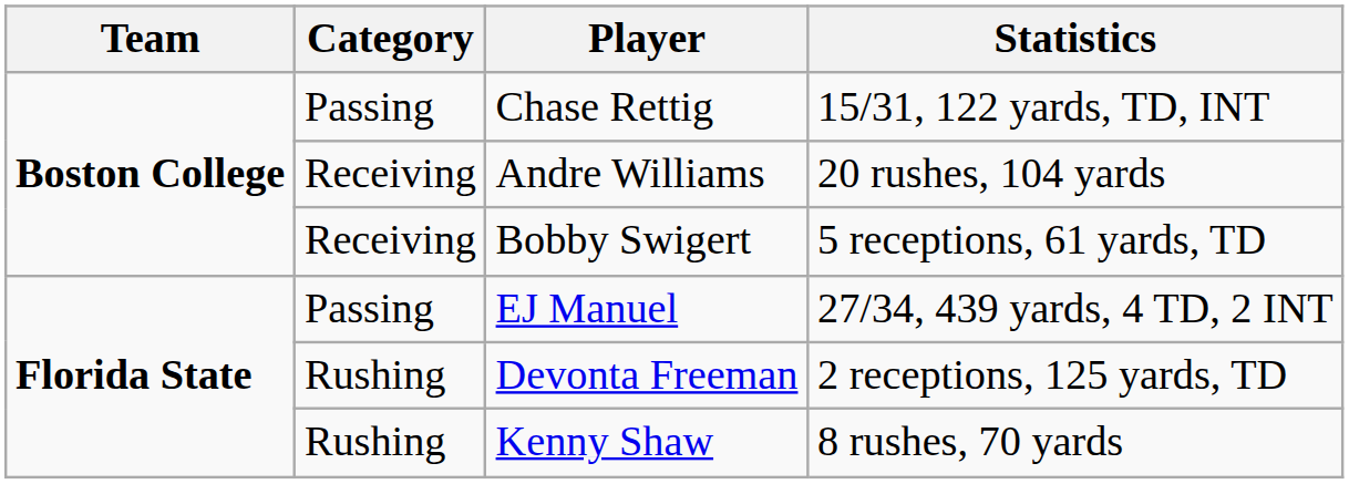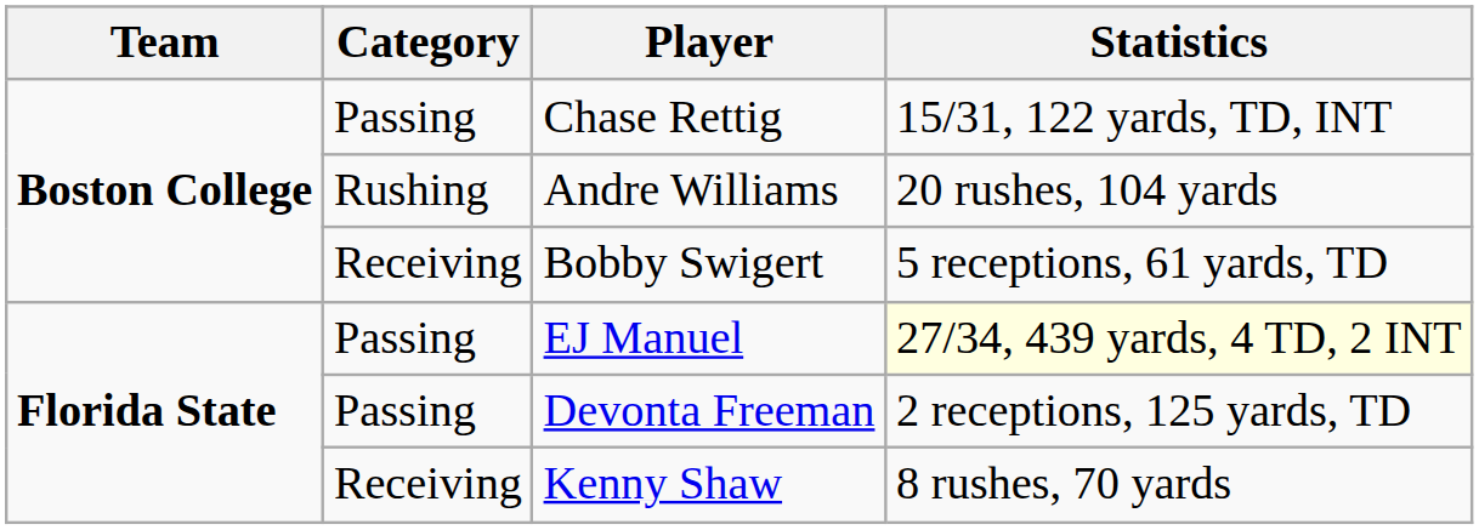 <table class="wikitable" style="float: left;">
 <tr>
 <th>Team</th>
 <th>Category</th>
 <th>Player</th>
 <th>Statistics</th>
 </tr>
 <tr>
 <td rowspan=3><strong>Boston College</strong></td>
 <td>Passing</td>
 <td>Chase Rettig</td>
 <td>15/31, 122 yards, TD, INT</td>
 </tr>
 <tr>
-<td>Receiving</td>
+<td>Rushing</td>
 <td>Andre Williams</td>
 <td>20 rushes, 104 yards</td>
 </tr>
 <tr>
 <td>Receiving</td>
 <td>Bobby Swigert</td>
 <td>5 receptions, 61 yards, TD</td>
 </tr>
 <tr>
 <td rowspan=3><strong>Florida State</strong></td>
 <td>Passing</td>
 <td><a href='#'>EJ Manuel</a></td>
-<td>27/34, 439 yards, 4 TD, 2 INT</td>
+<td style="background: lightyellow;">27/34, 439 yards, 4 TD, 2 INT</td>
 </tr>
 <tr>
-<td>Rushing</td>
+<td>Passing</td>
 <td><a href='#'>Devonta Freeman</a></td>
 <td>2 receptions, 125 yards, TD</td>
 </tr>
 <tr>
-<td>Rushing</td>
+<td>Receiving</td>
 <td><a href='#'>Kenny Shaw</a></td>
 <td>8 rushes, 70 yards</td>
 </tr>
 </table>
